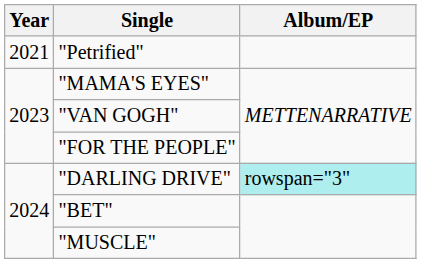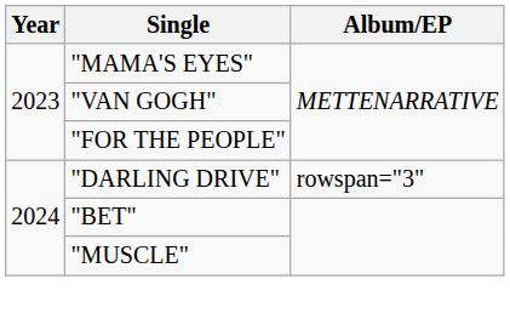 <table class="wikitable">
 <tr>
 <th>Year</th>
 <th>Single</th>
 <th>Album/EP</th>
-</tr>
-<tr>
-<td>2021</td>
-<td>"Petrified"</td>
-<td></td>
 </tr>
 <tr>
 <td rowspan="3">2023</td>
 <td>"MAMA'S EYES"</td>
 <td rowspan="3"><em>METTENARRATIVE</em></td>
 </tr>
 <tr>
 <td>"VAN GOGH"</td>
 </tr>
 <tr>
 <td>"FOR THE PEOPLE"</td>
 </tr>
 <tr>
 <td rowspan="3">2024</td>
 <td>"DARLING DRIVE"</td>
-<td style="background: paleturquoise;">rowspan="3" </td>
+<td>rowspan="3" </td>
 </tr>
 <tr>
 <td>"BET"</td>
 </tr>
 <tr>
 <td>"MUSCLE"</td>
 </tr>
 </table>
